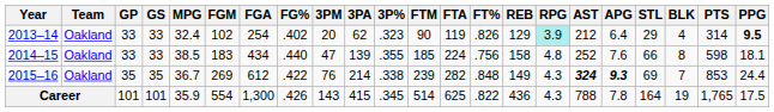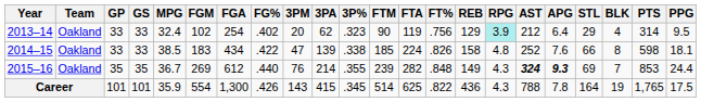 <table class="wikitable" style="text-align:center">
 <tr>
 <th>Year</th>
 <th>Team</th>
 <th>GP</th>
 <th>GS</th>
 <th>MPG</th>
 <th>FGM</th>
 <th>FGA</th>
 <th>FG%</th>
 <th>3PM</th>
 <th>3PA</th>
 <th>3P%</th>
 <th>FTM</th>
 <th>FTA</th>
 <th>FT%</th>
 <th>REB</th>
 <th>RPG</th>
 <th>AST</th>
 <th>APG</th>
 <th>STL</th>
 <th>BLK</th>
 <th>PTS</th>
 <th>PPG</th>
 </tr>
 <tr>
 <td><a href='#'>2013–14</a></td>
 <td><a href='#'>Oakland</a></td>
 <td>33</td>
 <td>33</td>
 <td>32.4</td>
 <td>102</td>
 <td>254</td>
 <td>.402</td>
 <td>20</td>
 <td>62</td>
 <td>.323</td>
 <td>90</td>
 <td>119</td>
-<td>.826</td>
+<td>.756</td>
 <td>129</td>
 <td style="background: paleturquoise;">3.9</td>
 <td>212</td>
 <td>6.4</td>
 <td>29</td>
 <td>4</td>
 <td>314</td>
-<td><strong>9.5</strong></td>
+<td>9.5</td>
 </tr>
 <tr>
 <td><a href='#'>2014–15</a></td>
 <td><a href='#'>Oakland</a></td>
 <td>33</td>
 <td>33</td>
 <td>38.5</td>
 <td>183</td>
 <td>434</td>
-<td>.440</td>
+<td>.422</td>
 <td>47</td>
 <td>139</td>
-<td>.355</td>
+<td>.338</td>
 <td>185</td>
 <td>224</td>
-<td>.756</td>
+<td>.826</td>
 <td>158</td>
 <td>4.8</td>
 <td>252</td>
 <td>7.6</td>
 <td>66</td>
 <td>8</td>
 <td>598</td>
 <td>18.1</td>
 </tr>
 <tr>
 <td><a href='#'>2015–16</a></td>
 <td><a href='#'>Oakland</a></td>
 <td>35</td>
 <td>35</td>
 <td>36.7</td>
 <td>269</td>
 <td>612</td>
-<td>.422</td>
+<td>.440</td>
 <td>76</td>
 <td>214</td>
-<td>.338</td>
+<td>.355</td>
 <td>239</td>
 <td>282</td>
 <td>.848</td>
 <td>149</td>
 <td>4.3</td>
 <td><strong><em>324</em></strong></td>
 <td><strong><em>9.3</em></strong></td>
 <td>69</td>
 <td>7</td>
 <td>853</td>
 <td>24.4</td>
 </tr>
 <tr>
 <th colspan=2>Career</th>
 <td>101</td>
 <td>101</td>
 <td>35.9</td>
 <td>554</td>
 <td>1,300</td>
 <td>.426</td>
 <td>143</td>
 <td>415</td>
 <td>.345</td>
 <td>514</td>
 <td>625</td>
 <td>.822</td>
 <td>436</td>
 <td>4.3</td>
 <td>788</td>
 <td>7.8</td>
 <td>164</td>
 <td>19</td>
 <td>1,765</td>
 <td>17.5</td>
 </tr>
 </table>
